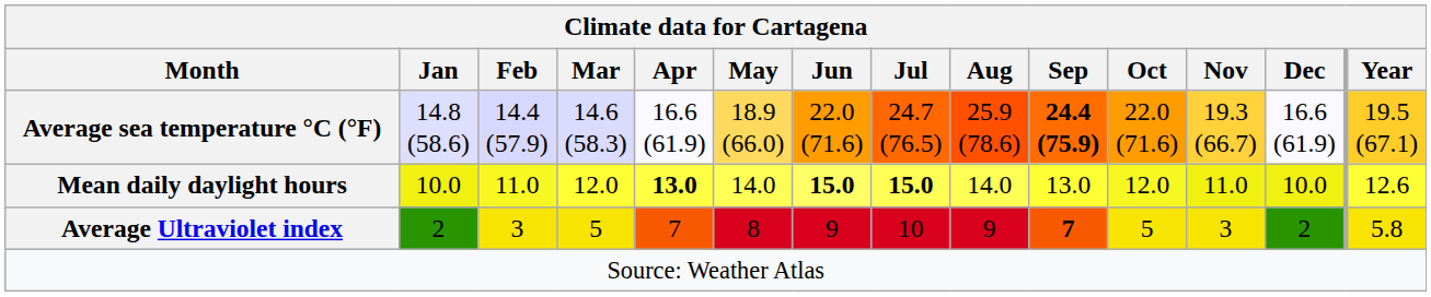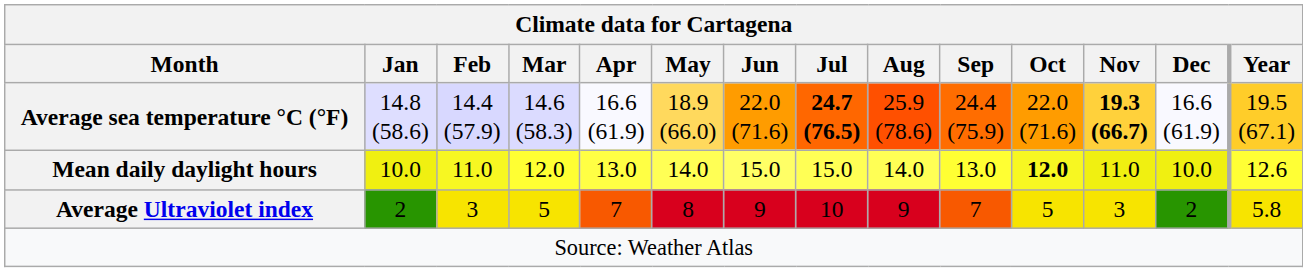 <table style="width:100%;text-align:center;line-height:1.2em;margin-left:auto;margin-right:auto" class="wikitable mw-collapsible">
 <tr>
 <th Colspan=14>Climate data for Cartagena</th>
 </tr>
 <tr>
 <th>Month</th>
 <th>Jan</th>
 <th>Feb</th>
 <th>Mar</th>
 <th>Apr</th>
 <th>May</th>
 <th>Jun</th>
 <th>Jul</th>
 <th>Aug</th>
 <th>Sep</th>
 <th>Oct</th>
 <th>Nov</th>
 <th>Dec</th>
 <th style="border-left-width:medium">Year</th>
 </tr>
 <tr>
 <th>Average sea temperature °C (°F)</th>
 <td style="background:#DEDEFF;color:#000000;">14.8<br>(58.6)</td>
 <td style="background:#D8D8FF;color:#000000;">14.4<br>(57.9)</td>
 <td style="background:#DBDBFF;color:#000000;">14.6<br>(58.3)</td>
 <td style="background:#F9F9FF;color:#000000;">16.6<br>(61.9)</td>
 <td style="background:#FFD95D;color:#000000;">18.9<br>(66.0)</td>
 <td style="background:#FF9C00;color:#000000;">22.0<br>(71.6)</td>
-<td style="background:#FF6700;color:#000000;">24.7<br>(76.5)</td>
+<td style="background:#FF6700;color:#000000;"><strong>24.7<br>(76.5)</strong></td>
 <td style="background:#FF5000;color:#000000;">25.9<br>(78.6)</td>
-<td style="background:#FF6D00;color:#000000;"><strong>24.4<br>(75.9)</strong></td>
+<td style="background:#FF6D00;color:#000000;">24.4<br>(75.9)</td>
 <td style="background:#FF9C00;color:#000000;">22.0<br>(71.6)</td>
-<td style="background:#FFD13B;color:#000000;">19.3<br>(66.7)</td>
+<td style="background:#FFD13B;color:#000000;"><strong>19.3<br>(66.7)</strong></td>
 <td style="background:#F9F9FF;color:#000000;">16.6<br>(61.9)</td>
 <td style="background:#FFCD29;color:#000000;border-left-width:medium">19.5<br>(67.1)</td>
 </tr>
 <tr>
 <th>Mean daily daylight hours</th>
 <td style="background:#F0F011;color:#000000;">10.0</td>
 <td style="background:#F7F722;color:#000000;">11.0</td>
 <td style="background:#FFFF33;color:#000000;">12.0</td>
-<td style="background:#FFFF44;color:#000000;"><strong>13.0</strong></td>
+<td style="background:#FFFF44;color:#000000;">13.0</td>
 <td style="background:#FFFF55;color:#000000;">14.0</td>
-<td style="background:#FFFF66;color:#000000;"><strong>15.0</strong></td>
-<td style="background:#FFFF55;color:#000000;"><strong>15.0</strong></td>
+<td style="background:#FFFF66;color:#000000;">15.0</td>
+<td style="background:#FFFF55;color:#000000;">15.0</td>
 <td style="background:#FFFF55;color:#000000;">14.0</td>
 <td style="background:#FFFF33;color:#000000;">13.0</td>
-<td style="background:#F7F722;color:#000000;">12.0</td>
+<td style="background:#F7F722;color:#000000;"><strong>12.0</strong></td>
 <td style="background:#F0F011;color:#000000;">11.0</td>
 <td style="background:#F0F011;color:#000000;">10.0</td>
 <td style="background:#FFFF35;color:#000000;border-left-width:medium">12.6</td>
 </tr>
 <tr>
 <th>Average <a href='#'>Ultraviolet index</a></th>
 <td style="background:#289500;color:#000000;">2</td>
 <td style="background:#f7e400;color:#000000;">3</td>
 <td style="background:#f7e400;color:#000000;">5</td>
 <td style="background:#f85900;color:#000000;">7</td>
 <td style="background:#d8001d;color:#000000;">8</td>
 <td style="background:#d8001d;color:#000000;">9</td>
 <td style="background:#d8001d;color:#000000;">10</td>
 <td style="background:#d8001d;color:#000000;">9</td>
-<td style="background:#f85900;color:#000000;"><strong>7</strong></td>
+<td style="background:#f85900;color:#000000;">7</td>
 <td style="background:#f7e400;color:#000000;">5</td>
 <td style="background:#f7e400;color:#000000;">3</td>
 <td style="background:#289500;color:#000000;">2</td>
 <td style="background:#f7e400;color:#000000;border-left-width:medium">5.8</td>
 </tr>
 <tr>
 <th Colspan=14 style="background:#f8f9fa;font-weight:normal;font-size:95%;">Source: Weather Atlas</th>
 </tr>
 </table>
